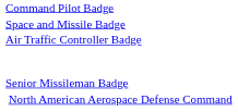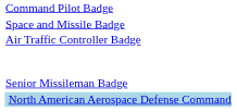 <table>
 <tr>
 <td>  <a href='#'>Command Pilot Badge</a></td>
 </tr>
 <tr>
 <td>  <a href='#'>Space and Missile Badge</a></td>
 </tr>
 <tr>
 <td>  <a href='#'>Air Traffic Controller Badge</a><br><br><br></td>
 </tr>
 <tr>
 <td><span></span>  <a href='#'>Senior Missileman Badge</a></td>
 </tr>
 <tr>
-<td> <a href='#'>North American Aerospace Defense Command</a></td>
+<td style="background: lightblue;"> <a href='#'>North American Aerospace Defense Command</a></td>
 </tr>
 </table>
